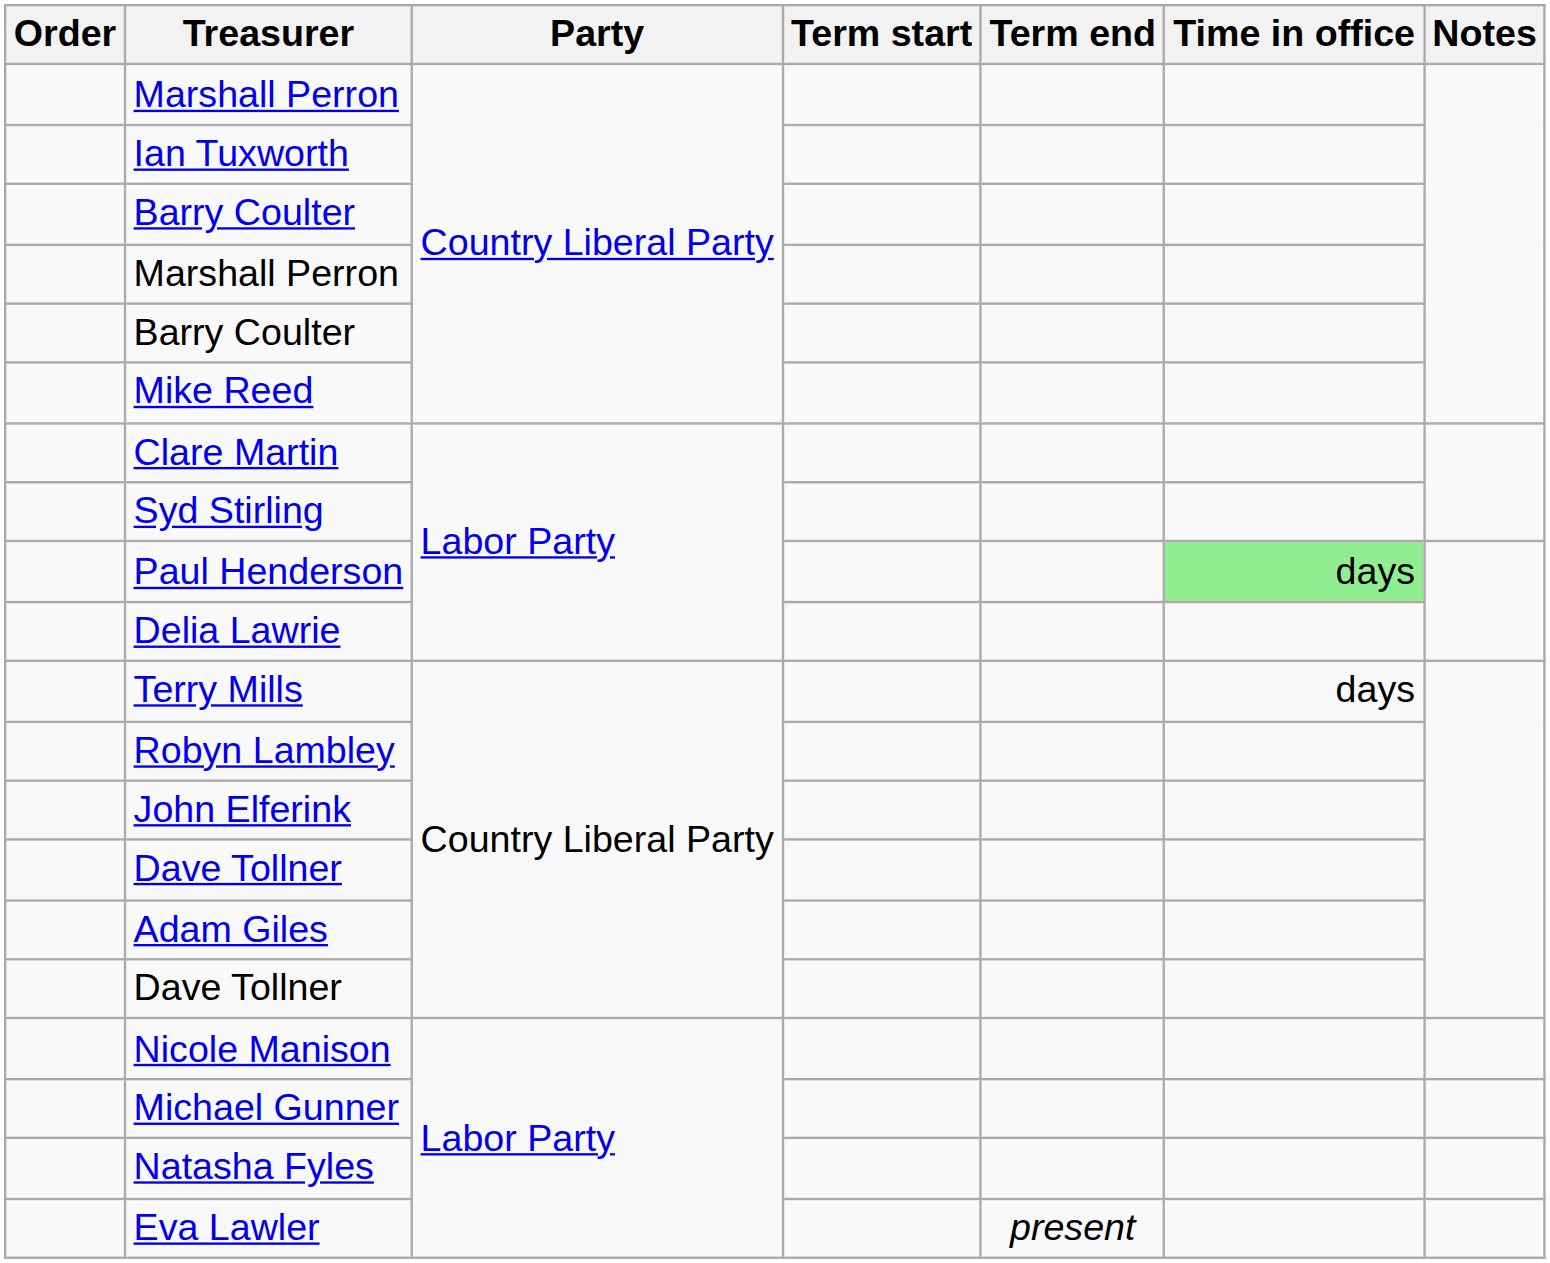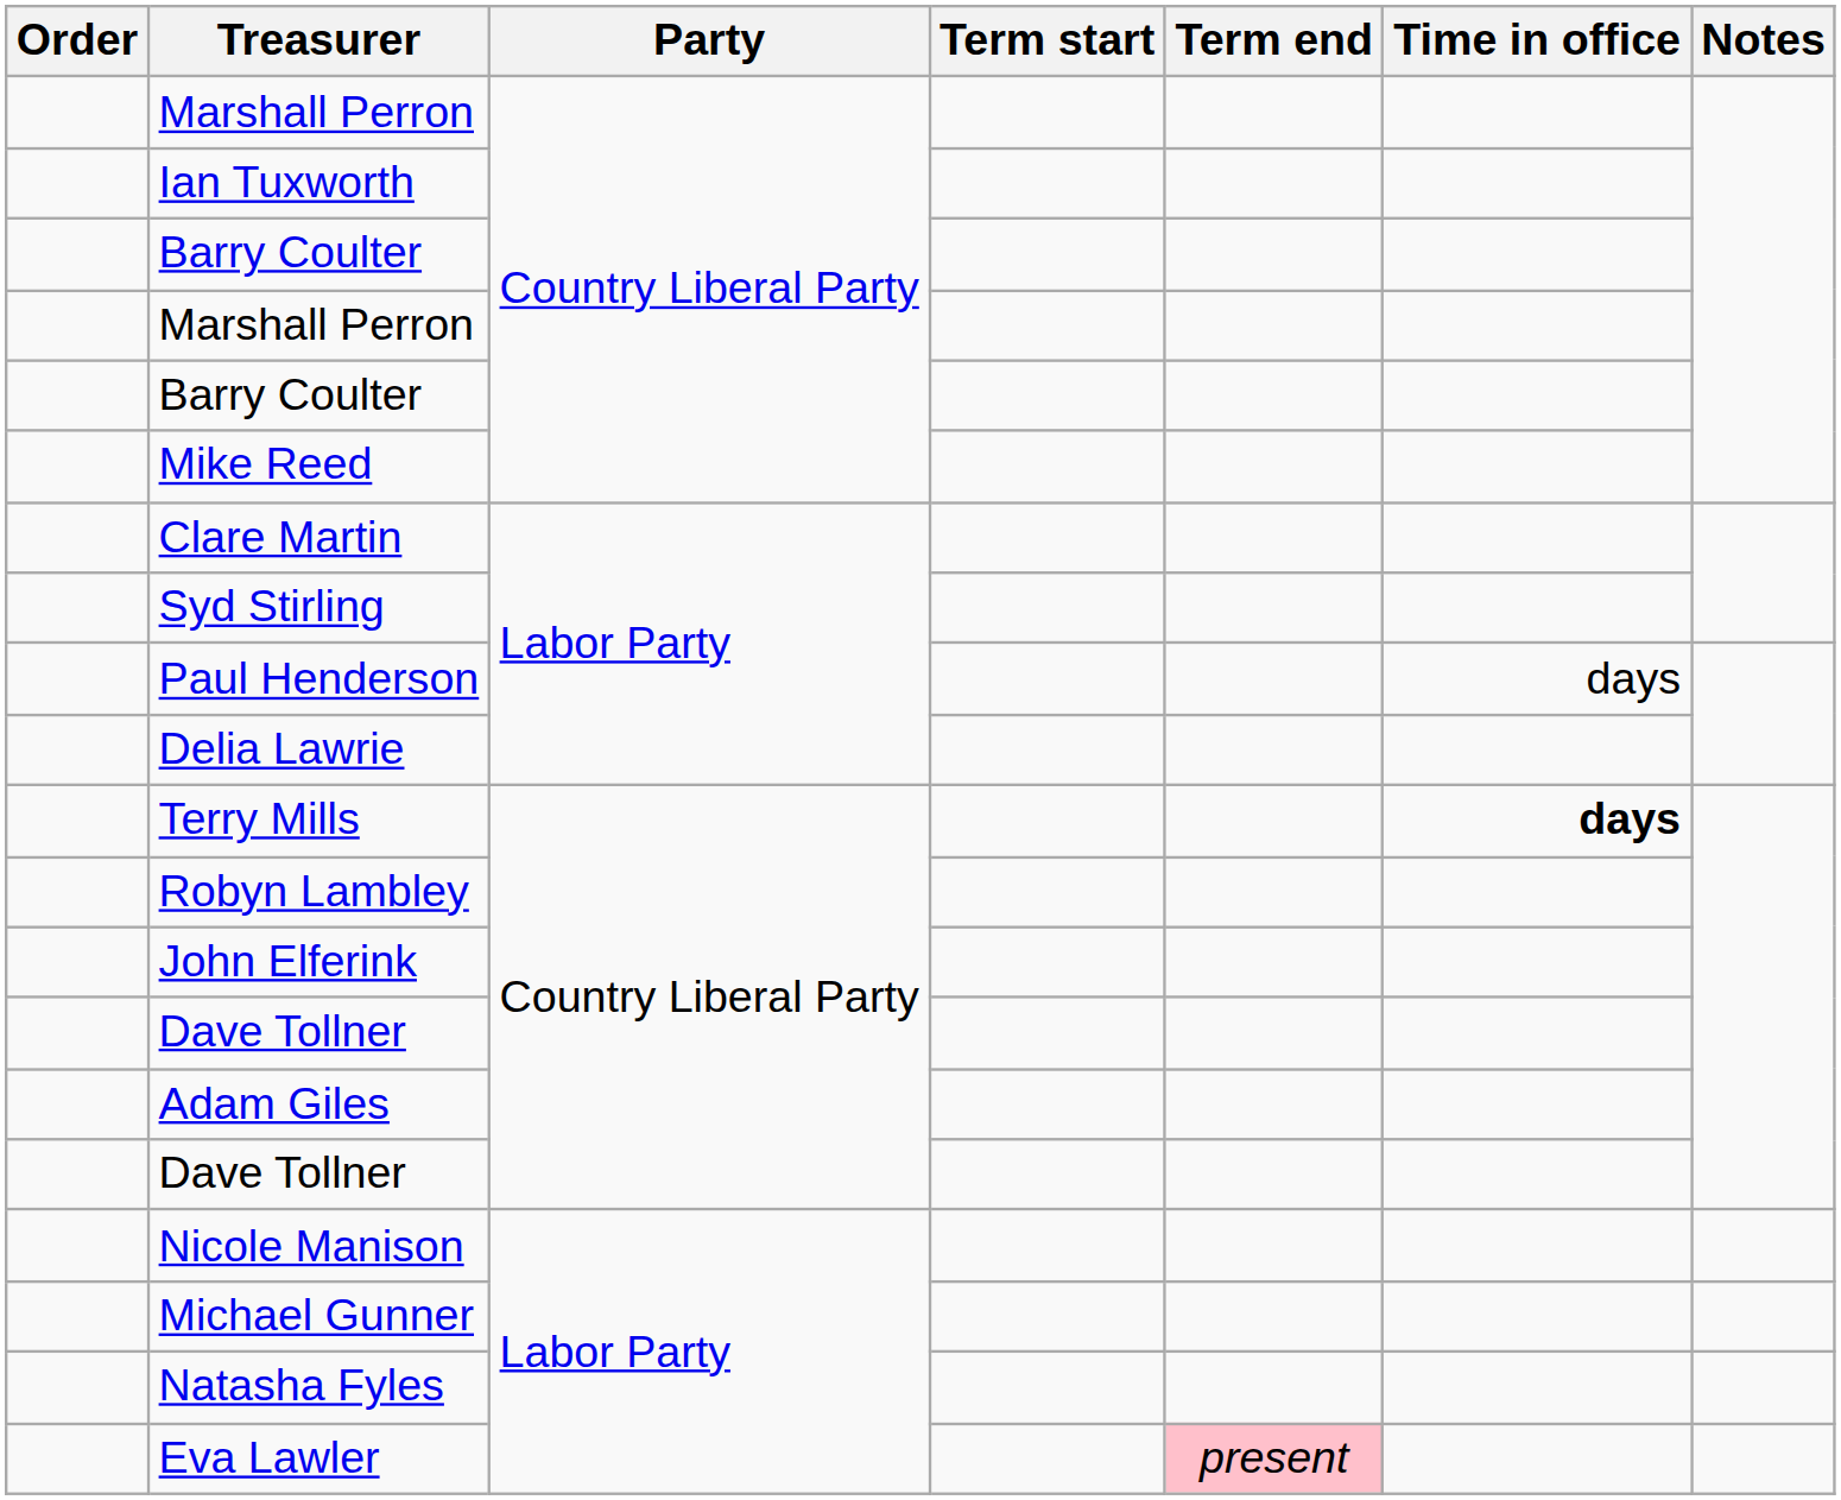 <table class="sortable wikitable">
 <tr>
 <th>Order</th>
 <th>Treasurer</th>
 <th>Party</th>
 <th>Term start</th>
 <th>Term end</th>
 <th>Time in office</th>
 <th>Notes</th>
 </tr>
 <tr>
 <td align=center></td>
 <td><a href='#'>Marshall Perron</a></td>
 <td rowspan=6><a href='#'>Country Liberal Party</a></td>
 <td align=center></td>
 <td align=center></td>
 <td align=right><strong></strong></td>
 <td rowspan=6></td>
 </tr>
 <tr>
 <td align=center></td>
 <td><a href='#'>Ian Tuxworth</a></td>
 <td align=center></td>
 <td align=center></td>
 <td align=right></td>
 </tr>
 <tr>
 <td align=center></td>
 <td><a href='#'>Barry Coulter</a></td>
 <td align=center></td>
 <td align=center></td>
 <td align=right></td>
 </tr>
 <tr>
 <td align=center></td>
 <td>Marshall Perron</td>
 <td align=center></td>
 <td align=center></td>
 <td align=right></td>
 </tr>
 <tr>
 <td align=center></td>
 <td>Barry Coulter</td>
 <td align=center></td>
 <td align=center></td>
 <td align=right></td>
 </tr>
 <tr>
 <td align=center></td>
 <td><a href='#'>Mike Reed</a></td>
 <td align=center></td>
 <td align=center></td>
 <td align=right></td>
 </tr>
 <tr>
 <td align=center></td>
 <td><a href='#'>Clare Martin</a></td>
 <td rowspan=4><a href='#'>Labor Party</a></td>
 <td align=center></td>
 <td align=center></td>
 <td align=right></td>
 <td rowspan=2></td>
 </tr>
 <tr>
 <td align=center></td>
 <td><a href='#'>Syd Stirling</a></td>
 <td align=center></td>
 <td align=center></td>
 <td align=right></td>
 </tr>
 <tr>
 <td align=center></td>
 <td><a href='#'>Paul Henderson</a></td>
 <td align=center></td>
 <td align=center></td>
-<td align=right style="background: lightgreen;"> days</td>
+<td align=right> days</td>
 <td rowspan=2></td>
 </tr>
 <tr>
 <td align=center></td>
 <td><a href='#'>Delia Lawrie</a></td>
 <td align=center></td>
 <td align=center></td>
 <td align=right></td>
 </tr>
 <tr>
 <td align=center></td>
 <td><a href='#'>Terry Mills</a></td>
 <td rowspan=6>Country Liberal Party</td>
 <td align=center></td>
 <td align=center></td>
-<td align=right> days</td>
+<td align=right><strong> days</strong></td>
 <td rowspan=6></td>
 </tr>
 <tr>
 <td align=center></td>
 <td><a href='#'>Robyn Lambley</a></td>
 <td align=center></td>
 <td align=center></td>
 <td align=right></td>
 </tr>
 <tr>
 <td align=center></td>
 <td><a href='#'>John Elferink</a></td>
 <td align=center></td>
 <td align=center></td>
 <td align=right></td>
 </tr>
 <tr>
 <td align=center></td>
 <td><a href='#'>Dave Tollner</a></td>
 <td align=center></td>
 <td align=center></td>
 <td align=right></td>
 </tr>
 <tr>
 <td align=center></td>
 <td><a href='#'>Adam Giles</a></td>
 <td align=center></td>
 <td align=center></td>
 <td align=right></td>
 </tr>
 <tr>
 <td align=center></td>
 <td>Dave Tollner</td>
 <td align=center></td>
 <td align=center></td>
 <td align=right></td>
 </tr>
 <tr>
 <td align=center></td>
 <td><a href='#'>Nicole Manison</a></td>
 <td rowspan="4"><a href='#'>Labor Party</a></td>
 <td align="center"></td>
 <td align=center></td>
 <td align="right"></td>
 <td></td>
 </tr>
 <tr>
 <td align=center></td>
 <td><a href='#'>Michael Gunner</a></td>
 <td align="center"></td>
 <td align="center"></td>
 <td align=right></td>
 <td></td>
 </tr>
 <tr>
 <td align=center></td>
 <td><a href='#'>Natasha Fyles</a></td>
 <td align="center"></td>
 <td align="center"></td>
 <td align=right></td>
 <td></td>
 </tr>
 <tr>
 <td align=center></td>
 <td><a href='#'>Eva Lawler</a></td>
 <td align="center"></td>
-<td align="center"><em>present</em></td>
+<td align="center" style="background: pink;"><em>present</em></td>
 <td align=right></td>
 <td></td>
 </tr>
 </table>
